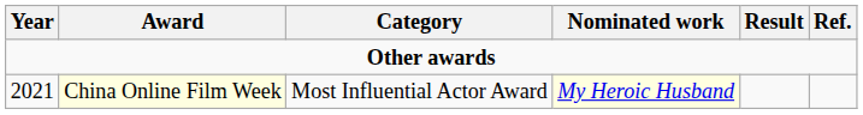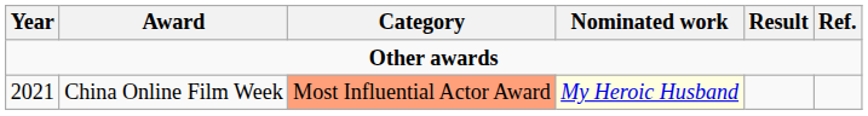 <table class="wikitable">
 <tr>
 <th>Year</th>
 <th>Award</th>
 <th>Category</th>
 <th>Nominated work</th>
 <th>Result</th>
 <th>Ref.</th>
 </tr>
 <tr>
 <td colspan="6" style="text-align:center;"><strong>Other awards</strong></td>
 </tr>
 <tr>
 <td>2021</td>
-<td style="background: lightyellow;">China Online Film Week</td>
-<td>Most Influential Actor Award</td>
+<td>China Online Film Week</td>
+<td style="background: lightsalmon;">Most Influential Actor Award</td>
 <td style="background: lightyellow;"><em><a href='#'>My Heroic Husband</a></em></td>
 <td></td>
 <td></td>
 </tr>
 </table>
